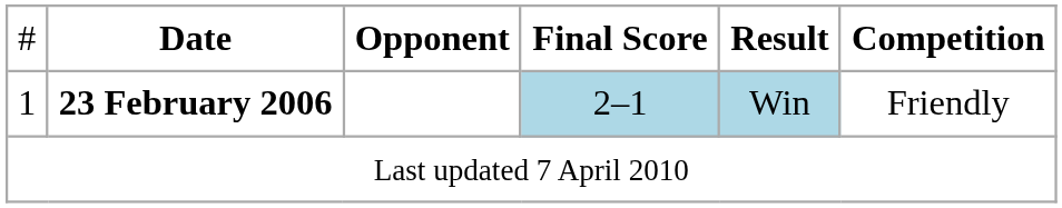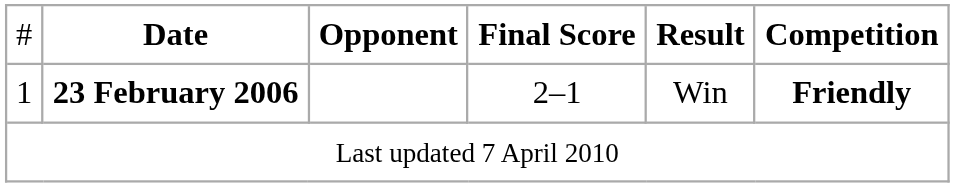 <table border=1 align=center cellpadding=4 cellspacing=2 style="font-size:90%; border: 1px #aaaaaa solid; border-collapse: collapse; text-align: center;">
 <tr>
 <td>#</td>
 <th>Date</th>
 <th>Opponent</th>
 <th>Final Score</th>
 <th>Result</th>
 <th>Competition</th>
 </tr>
 <tr>
 <td>1</td>
 <td><strong>23 February 2006</strong></td>
 <td></td>
-<td style="background: lightblue;">2–1</td>
-<td style="background: lightblue;">Win</td>
-<td>Friendly</td>
+<td>2–1</td>
+<td>Win</td>
+<td><strong>Friendly</strong></td>
 </tr>
 <tr>
 <td colspan="12"><small>Last updated 7 April 2010</small></td>
 </tr>
 </table>
